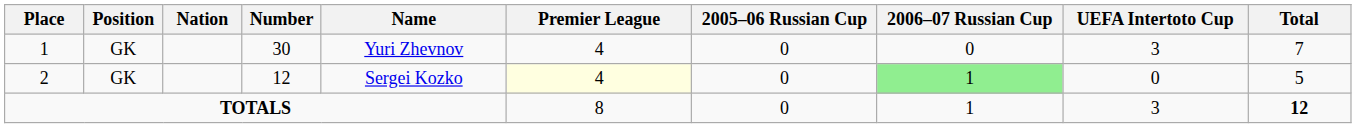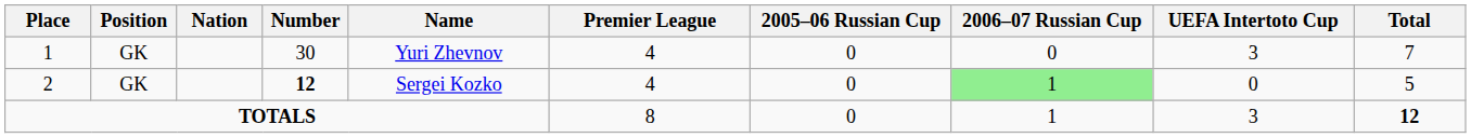 <table class="wikitable" style="font-size: 95%; text-align: center;">
 <tr>
 <th width=60>Place</th>
 <th width=60>Position</th>
 <th width=60>Nation</th>
 <th width=60>Number</th>
 <th width=150>Name</th>
 <th width=150>Premier League</th>
 <th width=150>2005–06 Russian Cup</th>
 <th width=150>2006–07 Russian Cup</th>
 <th width=150>UEFA Intertoto Cup</th>
 <th width=80>Total</th>
 </tr>
 <tr>
 <td>1</td>
 <td>GK</td>
 <td></td>
 <td>30</td>
 <td><a href='#'>Yuri Zhevnov</a></td>
 <td>4</td>
 <td>0</td>
 <td>0</td>
 <td>3</td>
 <td>7</td>
 </tr>
 <tr>
 <td>2</td>
 <td>GK</td>
 <td></td>
-<td>12</td>
+<td><strong>12</strong></td>
 <td><a href='#'>Sergei Kozko</a></td>
-<td style="background: lightyellow;">4</td>
+<td>4</td>
 <td>0</td>
 <td style="background: lightgreen;">1</td>
 <td>0</td>
 <td>5</td>
 </tr>
 <tr>
 <td colspan="5"><strong>TOTALS</strong></td>
 <td>8</td>
 <td>0</td>
 <td>1</td>
 <td>3</td>
 <td><strong>12</strong></td>
 </tr>
 </table>
